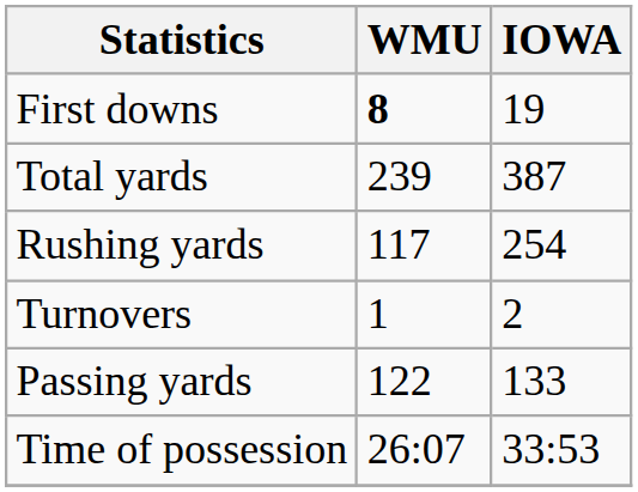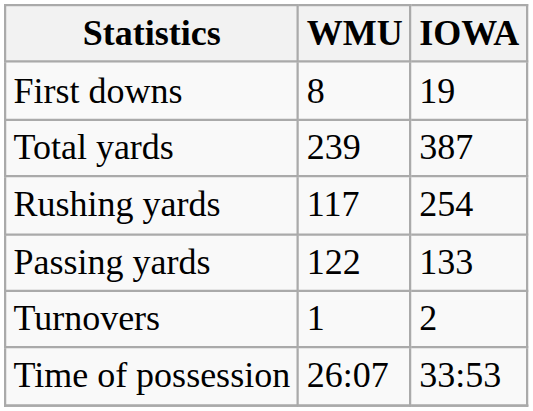 <table class="wikitable">
 <tr>
 <th>Statistics</th>
 <th>WMU</th>
 <th>IOWA</th>
 </tr>
 <tr>
 <td>First downs</td>
-<td><strong>8</strong></td>
+<td>8</td>
 <td>19</td>
 </tr>
 <tr>
 <td>Total yards</td>
 <td>239</td>
 <td>387</td>
 </tr>
 <tr>
 <td>Rushing yards</td>
 <td>117</td>
 <td>254</td>
 </tr>
 <tr>
+<td>Passing yards</td>
+<td>122</td>
+<td>133</td>
+</tr>
+<tr>
 <td>Turnovers</td>
 <td>1</td>
 <td>2</td>
-</tr>
-<tr>
-<td>Passing yards</td>
-<td>122</td>
-<td>133</td>
 </tr>
 <tr>
 <td>Time of possession</td>
 <td>26:07</td>
 <td>33:53</td>
 </tr>
 <tr>
 </tr>
 </table>
